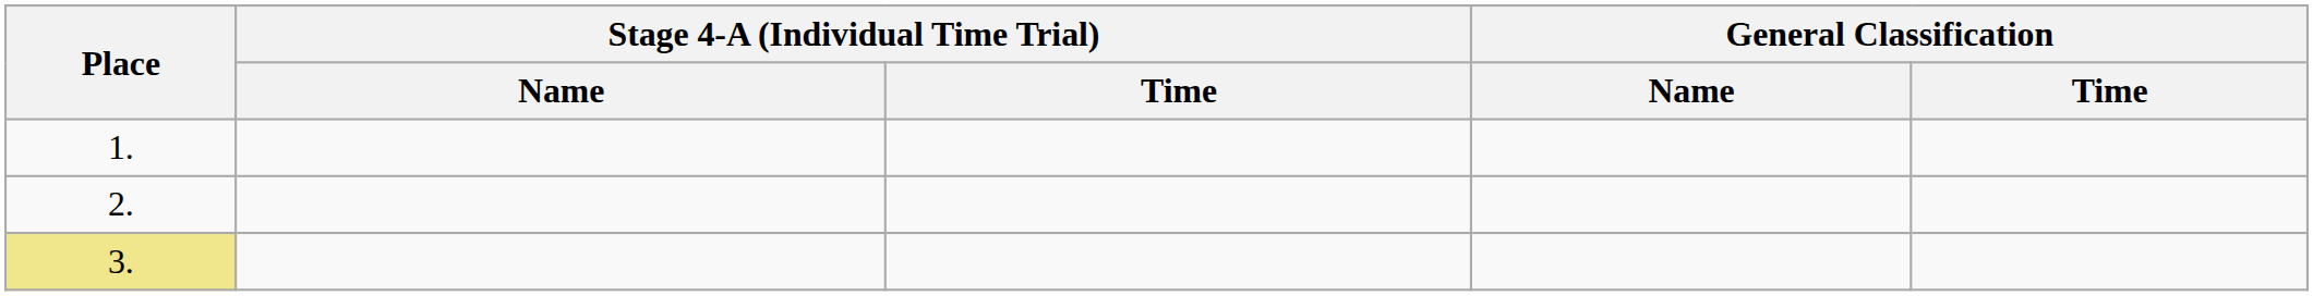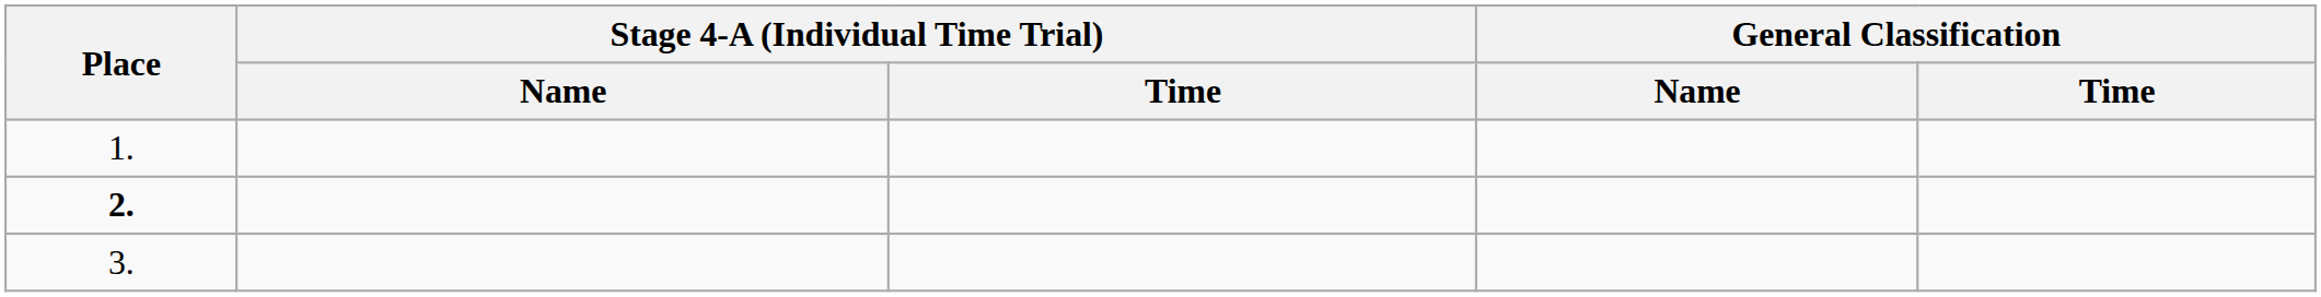 <table class="wikitable"  style="font-size:95%; width:80%;">
 <tr>
 <th rowspan="2">Place</th>
 <th colspan="2">Stage 4-A (Individual Time Trial)</th>
 <th colspan="2">General Classification</th>
 </tr>
 <tr>
 <th>Name</th>
 <th>Time</th>
 <th>Name</th>
 <th>Time</th>
 </tr>
 <tr>
 <td style="text-align:center;">1.</td>
 <td></td>
 <td></td>
 <td></td>
 <td></td>
 </tr>
 <tr>
-<td style="text-align:center;">2.</td>
+<td style="text-align:center;"><strong>2.</strong></td>
 <td></td>
 <td></td>
 <td></td>
 <td></td>
 </tr>
 <tr>
-<td style="background: khaki; text-align:center;">3.</td>
+<td style="text-align:center;">3.</td>
 <td></td>
 <td></td>
 <td></td>
 <td></td>
 </tr>
 </table>
